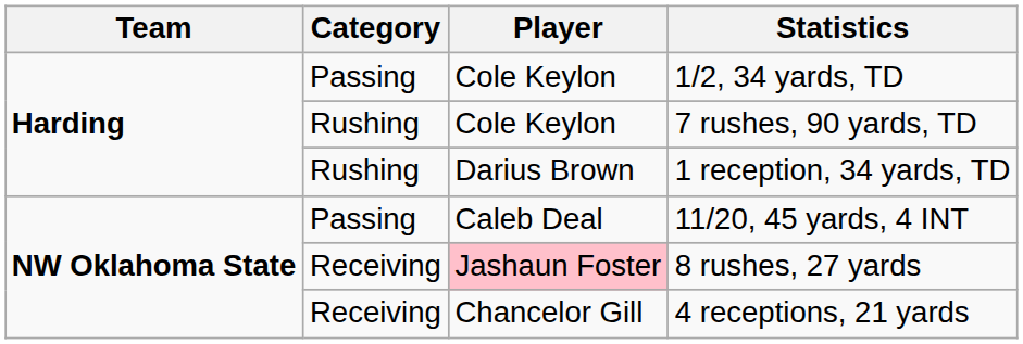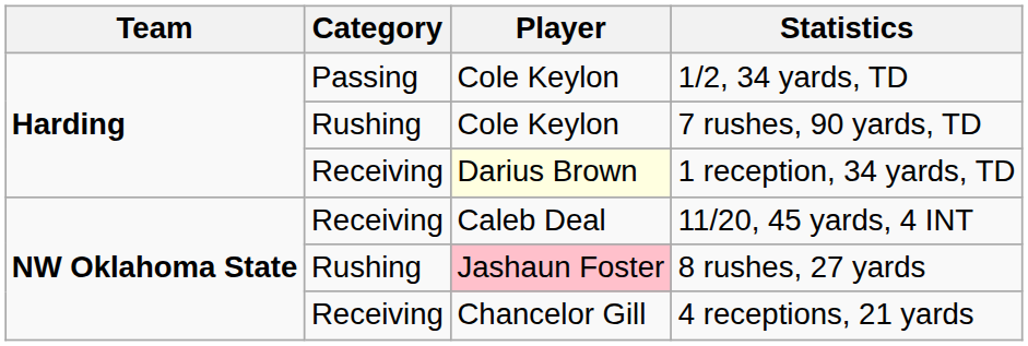 <table class="wikitable" style="float: right;">
 <tr>
 <th>Team</th>
 <th>Category</th>
 <th>Player</th>
 <th>Statistics</th>
 </tr>
 <tr>
 <td rowspan=3><strong>Harding</strong></td>
 <td>Passing</td>
 <td>Cole Keylon</td>
 <td>1/2, 34 yards, TD</td>
 </tr>
 <tr>
 <td>Rushing</td>
 <td>Cole Keylon</td>
 <td>7 rushes, 90 yards, TD</td>
 </tr>
 <tr>
-<td>Rushing</td>
-<td>Darius Brown</td>
+<td>Receiving</td>
+<td style="background: lightyellow;">Darius Brown</td>
 <td>1 reception, 34 yards, TD</td>
 </tr>
 <tr>
 <td rowspan=3><strong>NW Oklahoma State</strong></td>
-<td>Passing</td>
+<td>Receiving</td>
 <td>Caleb Deal</td>
 <td>11/20, 45 yards, 4 INT</td>
 </tr>
 <tr>
-<td>Receiving</td>
+<td>Rushing</td>
 <td style="background: pink;">Jashaun Foster</td>
 <td>8 rushes, 27 yards</td>
 </tr>
 <tr>
 <td>Receiving</td>
 <td>Chancelor Gill</td>
 <td>4 receptions, 21 yards</td>
 </tr>
 </table>
